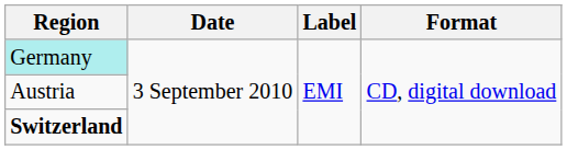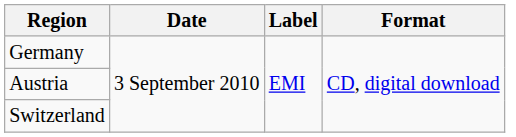 <table class=wikitable>
 <tr>
 <th>Region</th>
 <th>Date</th>
 <th>Label</th>
 <th>Format</th>
 </tr>
 <tr>
-<td style="background: paleturquoise;">Germany</td>
+<td>Germany</td>
 <td rowspan="3">3 September 2010</td>
 <td rowspan="3"><a href='#'>EMI</a></td>
 <td rowspan="3"><a href='#'>CD</a>, <a href='#'>digital download</a></td>
 </tr>
 <tr>
 <td>Austria</td>
 </tr>
 <tr>
-<td><strong>Switzerland</strong></td>
+<td>Switzerland</td>
 </tr>
 </table>
